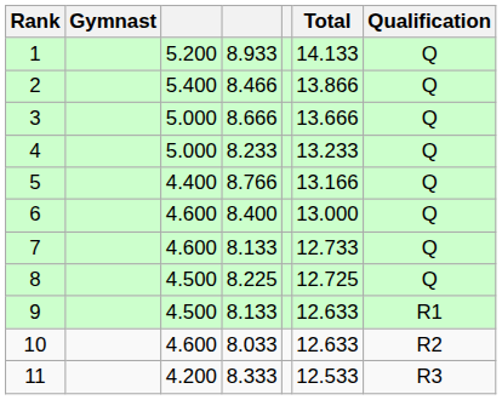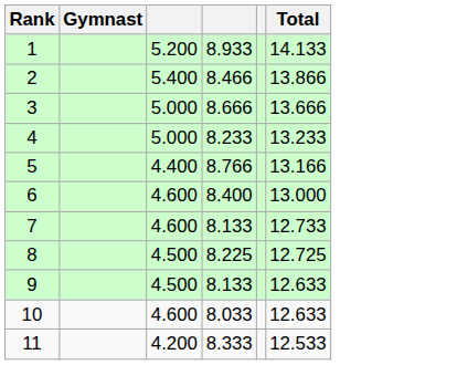 <table class="wikitable sortable" style="text-align:center">
 <tr>
 <th>Rank</th>
 <th>Gymnast</th>
 <th><small></small></th>
 <th><small></small></th>
 <th><small></small></th>
 <th>Total</th>
-<th>Qualification</th>
 </tr>
 <tr bgcolor=ccffcc>
 <td>1</td>
 <td align=left></td>
 <td>5.200</td>
 <td>8.933</td>
 <td></td>
 <td>14.133</td>
-<td>Q</td>
 </tr>
 <tr bgcolor=ccffcc>
 <td>2</td>
 <td align=left></td>
 <td>5.400</td>
 <td>8.466</td>
 <td></td>
 <td>13.866</td>
-<td>Q</td>
 </tr>
 <tr bgcolor=ccffcc>
 <td>3</td>
 <td align=left></td>
 <td>5.000</td>
 <td>8.666</td>
 <td></td>
 <td>13.666</td>
-<td>Q</td>
 </tr>
 <tr bgcolor=ccffcc>
 <td>4</td>
 <td align=left></td>
 <td>5.000</td>
 <td>8.233</td>
 <td></td>
 <td>13.233</td>
-<td>Q</td>
 </tr>
 <tr bgcolor=ccffcc>
 <td>5</td>
 <td align=left></td>
 <td>4.400</td>
 <td>8.766</td>
 <td></td>
 <td>13.166</td>
-<td>Q</td>
 </tr>
 <tr bgcolor=ccffcc>
 <td>6</td>
 <td align=left></td>
 <td>4.600</td>
 <td>8.400</td>
 <td></td>
 <td>13.000</td>
-<td>Q</td>
 </tr>
 <tr bgcolor=ccffcc>
 <td>7</td>
 <td align=left></td>
 <td>4.600</td>
 <td>8.133</td>
 <td></td>
 <td>12.733</td>
-<td>Q</td>
 </tr>
 <tr bgcolor=ccffcc>
 <td>8</td>
 <td align=left></td>
 <td>4.500</td>
 <td>8.225</td>
 <td></td>
 <td>12.725</td>
-<td>Q</td>
 </tr>
 <tr bgcolor=ccffcc>
 <td>9</td>
 <td align=left></td>
 <td>4.500</td>
 <td>8.133</td>
 <td></td>
 <td>12.633</td>
-<td>R1</td>
 </tr>
 <tr>
 <td>10</td>
 <td align=left></td>
 <td>4.600</td>
 <td>8.033</td>
 <td></td>
 <td>12.633</td>
-<td>R2</td>
 </tr>
 <tr>
 <td>11</td>
 <td align=left></td>
 <td>4.200</td>
 <td>8.333</td>
 <td></td>
 <td>12.533</td>
-<td>R3</td>
 </tr>
 </table>
